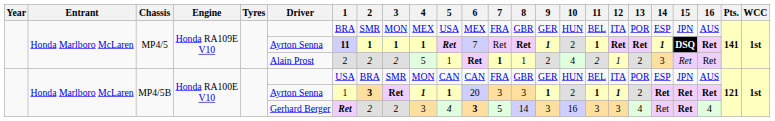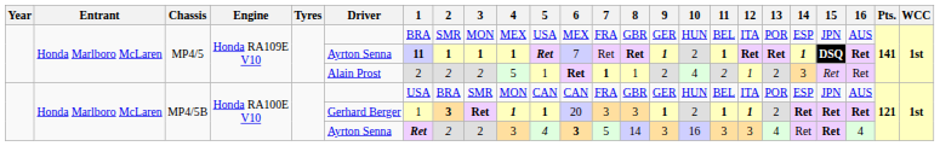 <table class="wikitable" style="text-align:center; font-size:95%">
 <tr>
 <th>Year</th>
 <th>Entrant</th>
 <th>Chassis</th>
 <th>Engine</th>
 <th>Tyres</th>
 <th>Driver</th>
 <th>1</th>
 <th>2</th>
 <th>3</th>
 <th>4</th>
 <th>5</th>
 <th>6</th>
 <th>7</th>
 <th>8</th>
 <th>9</th>
 <th>10</th>
 <th>11</th>
 <th>12</th>
 <th>13</th>
 <th>14</th>
 <th>15</th>
 <th>16</th>
 <th>Pts.</th>
 <th>WCC</th>
 </tr>
 <tr>
 <td rowspan="3"></td>
 <td rowspan="3"><a href='#'>Honda</a> <a href='#'>Marlboro</a> <a href='#'>McLaren</a></td>
 <td rowspan="3">MP4/5</td>
 <td rowspan="3"><a href='#'>Honda</a> RA109E<br><a href='#'>V10</a></td>
 <td rowspan="3"></td>
 <td></td>
 <td><a href='#'>BRA</a></td>
 <td><a href='#'>SMR</a></td>
 <td><a href='#'>MON</a></td>
 <td><a href='#'>MEX</a></td>
 <td><a href='#'>USA</a></td>
 <td><a href='#'>MEX</a></td>
 <td><a href='#'>FRA</a></td>
 <td><a href='#'>GBR</a></td>
 <td><a href='#'>GER</a></td>
 <td><a href='#'>HUN</a></td>
 <td><a href='#'>BEL</a></td>
 <td><a href='#'>ITA</a></td>
 <td><a href='#'>POR</a></td>
 <td><a href='#'>ESP</a></td>
 <td><a href='#'>JPN</a></td>
 <td><a href='#'>AUS</a></td>
 <td rowspan="3" style="background:#ffffbf;"><strong>141</strong></td>
 <td rowspan="3" style="background:#ffffbf;"><strong>1st</strong></td>
 </tr>
 <tr>
 <td align="left"> <a href='#'>Ayrton Senna</a></td>
 <td style="background:#cfcfff;"><strong>11</strong></td>
 <td style="background:#ffffbf;"><strong>1</strong></td>
 <td style="background:#ffffbf;"><strong>1</strong></td>
 <td style="background:#ffffbf;"><strong>1</strong></td>
 <td style="background:#efcfff;"><strong><em>Ret</em></strong></td>
 <td style="background:#cfcfff;">7</td>
 <td style="background:#efcfff;">Ret</td>
 <td style="background:#efcfff;"><strong>Ret</strong></td>
 <td style="background:#ffffbf;"><strong><em>1</em></strong></td>
 <td style="background:#dfdfdf;">2</td>
 <td style="background:#ffffbf;"><strong>1</strong></td>
 <td style="background:#efcfff;"><strong>Ret</strong></td>
 <td style="background:#efcfff;"><strong>Ret</strong></td>
 <td style="background:#ffffbf;"><strong><em>1</em></strong></td>
 <td style="background:#000; color:white;"><strong>DSQ</strong></td>
 <td style="background:#efcfff;"><strong>Ret</strong></td>
 </tr>
 <tr>
 <td align="left"> <a href='#'>Alain Prost</a></td>
 <td style="background:#dfdfdf;">2</td>
 <td style="background:#dfdfdf;"><em>2</em></td>
 <td style="background:#dfdfdf;"><em>2</em></td>
 <td style="background:#dfffdf;">5</td>
 <td style="background:#ffffbf;">1</td>
 <td style="background:#efcfff;"><strong>Ret</strong></td>
 <td style="background:#ffffbf;"><strong>1</strong></td>
 <td style="background:#ffffbf;">1</td>
 <td style="background:#dfdfdf;">2</td>
 <td style="background:#dfffdf;">4</td>
 <td style="background:#dfdfdf;"><em>2</em></td>
 <td style="background:#ffffbf;"><em>1</em></td>
 <td style="background:#dfdfdf;">2</td>
 <td style="background:#ffdf9f;">3</td>
 <td style="background:#efcfff;"><em>Ret</em></td>
 <td style="background:#efcfff;">Ret</td>
 </tr>
 <tr>
 <td rowspan="3"></td>
 <td rowspan="3"><a href='#'>Honda</a> <a href='#'>Marlboro</a> <a href='#'>McLaren</a></td>
 <td rowspan="3">MP4/5B</td>
 <td rowspan="3"><a href='#'>Honda</a> RA100E<br><a href='#'>V10</a></td>
 <td rowspan="3"></td>
 <td></td>
 <td><a href='#'>USA</a></td>
 <td><a href='#'>BRA</a></td>
 <td><a href='#'>SMR</a></td>
 <td><a href='#'>MON</a></td>
 <td><a href='#'>CAN</a></td>
 <td><a href='#'>CAN</a></td>
 <td><a href='#'>FRA</a></td>
 <td><a href='#'>GBR</a></td>
 <td><a href='#'>GER</a></td>
 <td><a href='#'>HUN</a></td>
 <td><a href='#'>BEL</a></td>
 <td><a href='#'>ITA</a></td>
 <td><a href='#'>POR</a></td>
 <td><a href='#'>ESP</a></td>
 <td><a href='#'>JPN</a></td>
 <td><a href='#'>AUS</a></td>
 <td rowspan="3" style="background:#ffffbf;"><strong>121</strong></td>
 <td rowspan="3" style="background:#ffffbf;"><strong>1st</strong></td>
 </tr>
 <tr>
-<td align="left"> <a href='#'>Ayrton Senna</a></td>
+<td align="left"> <a href='#'>Gerhard Berger</a></td>
 <td style="background:#ffffbf;">1</td>
 <td style="background:#ffdf9f;"><strong>3</strong></td>
 <td style="background:#efcfff;"><strong>Ret</strong></td>
 <td style="background:#ffffbf;"><strong><em>1</em></strong></td>
 <td style="background:#ffffbf;"><strong>1</strong></td>
 <td style="background:#cfcfff;">20</td>
 <td style="background:#ffdf9f;">3</td>
 <td style="background:#ffdf9f;">3</td>
 <td style="background:#ffffbf;"><strong>1</strong></td>
 <td style="background:#dfdfdf;">2</td>
 <td style="background:#ffffbf;"><strong>1</strong></td>
 <td style="background:#ffffbf;"><strong><em>1</em></strong></td>
 <td style="background:#dfdfdf;">2</td>
 <td style="background:#efcfff;"><strong>Ret</strong></td>
 <td style="background:#efcfff;"><strong>Ret</strong></td>
 <td style="background:#efcfff;"><strong>Ret</strong></td>
 </tr>
 <tr>
-<td align="left"> <a href='#'>Gerhard Berger</a></td>
+<td align="left"> <a href='#'>Ayrton Senna</a></td>
 <td style="background:#efcfff;"><strong><em>Ret</em></strong></td>
 <td style="background:#dfdfdf;"><em>2</em></td>
 <td style="background:#dfdfdf;">2</td>
 <td style="background:#ffdf9f;">3</td>
 <td style="background:#dfffdf;"><em>4</em></td>
 <td style="background:#ffdf9f;"><strong>3</strong></td>
 <td style="background:#dfffdf;">5</td>
 <td style="background:#cfcfff;">14</td>
 <td style="background:#ffdf9f;">3</td>
 <td style="background:#cfcfff;">16</td>
 <td style="background:#ffdf9f;">3</td>
 <td style="background:#ffdf9f;">3</td>
 <td style="background:#dfffdf;">4</td>
 <td style="background:#efcfff;">Ret</td>
 <td style="background:#efcfff;"><strong>Ret</strong></td>
 <td style="background:#dfffdf;">4</td>
 </tr>
 </table>
